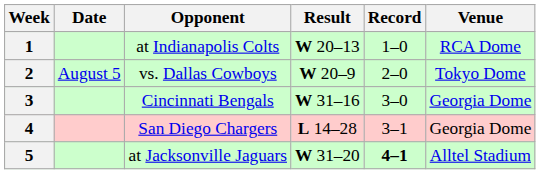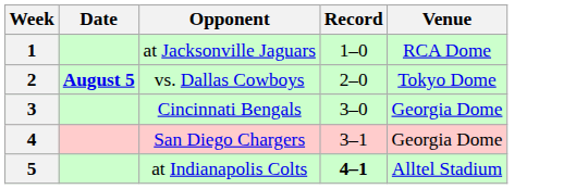 <table class="wikitable" style="text-align:center">
 <tr>
 <th>Week</th>
 <th>Date</th>
 <th>Opponent</th>
-<th>Result</th>
 <th>Record</th>
 <th>Venue</th>
 </tr>
 <tr style="background:#cfc">
 <th>1</th>
 <td></td>
-<td>at <a href='#'>Indianapolis Colts</a></td>
-<td><strong>W</strong> 20–13</td>
+<td>at <a href='#'>Jacksonville Jaguars</a></td>
 <td>1–0</td>
 <td><a href='#'>RCA Dome</a></td>
 </tr>
 <tr style="background:#cfc">
 <th>2</th>
-<td><a href='#'>August 5</a></td>
+<td><strong><a href='#'>August 5</a></strong></td>
 <td>vs. <a href='#'>Dallas Cowboys</a></td>
-<td><strong>W</strong> 20–9</td>
 <td>2–0</td>
 <td> <a href='#'>Tokyo Dome</a> </td>
 </tr>
 <tr style="background:#cfc">
 <th>3</th>
 <td></td>
 <td><a href='#'>Cincinnati Bengals</a></td>
-<td><strong>W</strong> 31–16</td>
 <td>3–0</td>
 <td><a href='#'>Georgia Dome</a></td>
 </tr>
 <tr style="background:#fcc">
 <th>4</th>
 <td></td>
 <td><a href='#'>San Diego Chargers</a></td>
-<td><strong>L</strong> 14–28</td>
 <td>3–1</td>
 <td>Georgia Dome</td>
 </tr>
 <tr style="background:#cfc">
 <th>5</th>
 <td></td>
-<td>at <a href='#'>Jacksonville Jaguars</a></td>
-<td><strong>W</strong> 31–20</td>
+<td>at <a href='#'>Indianapolis Colts</a></td>
 <td><strong>4–1</strong></td>
 <td><a href='#'>Alltel Stadium</a></td>
 </tr>
 </table>
